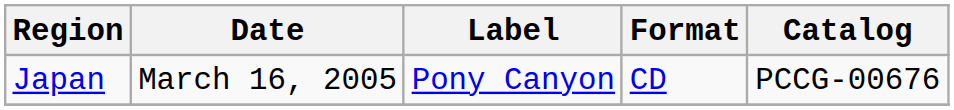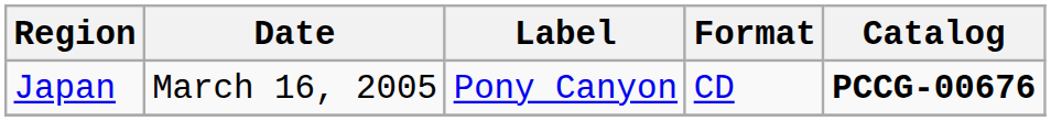 <table class="wikitable">
 <tr>
 <th>Region</th>
 <th>Date</th>
 <th>Label</th>
 <th>Format</th>
 <th>Catalog</th>
 </tr>
 <tr>
 <td><a href='#'>Japan</a></td>
 <td>March 16, 2005</td>
 <td><a href='#'>Pony Canyon</a></td>
 <td><a href='#'>CD</a></td>
-<td>PCCG-00676</td>
+<td><strong>PCCG-00676</strong></td>
 </tr>
 <tr>
 </tr>
 </table>
